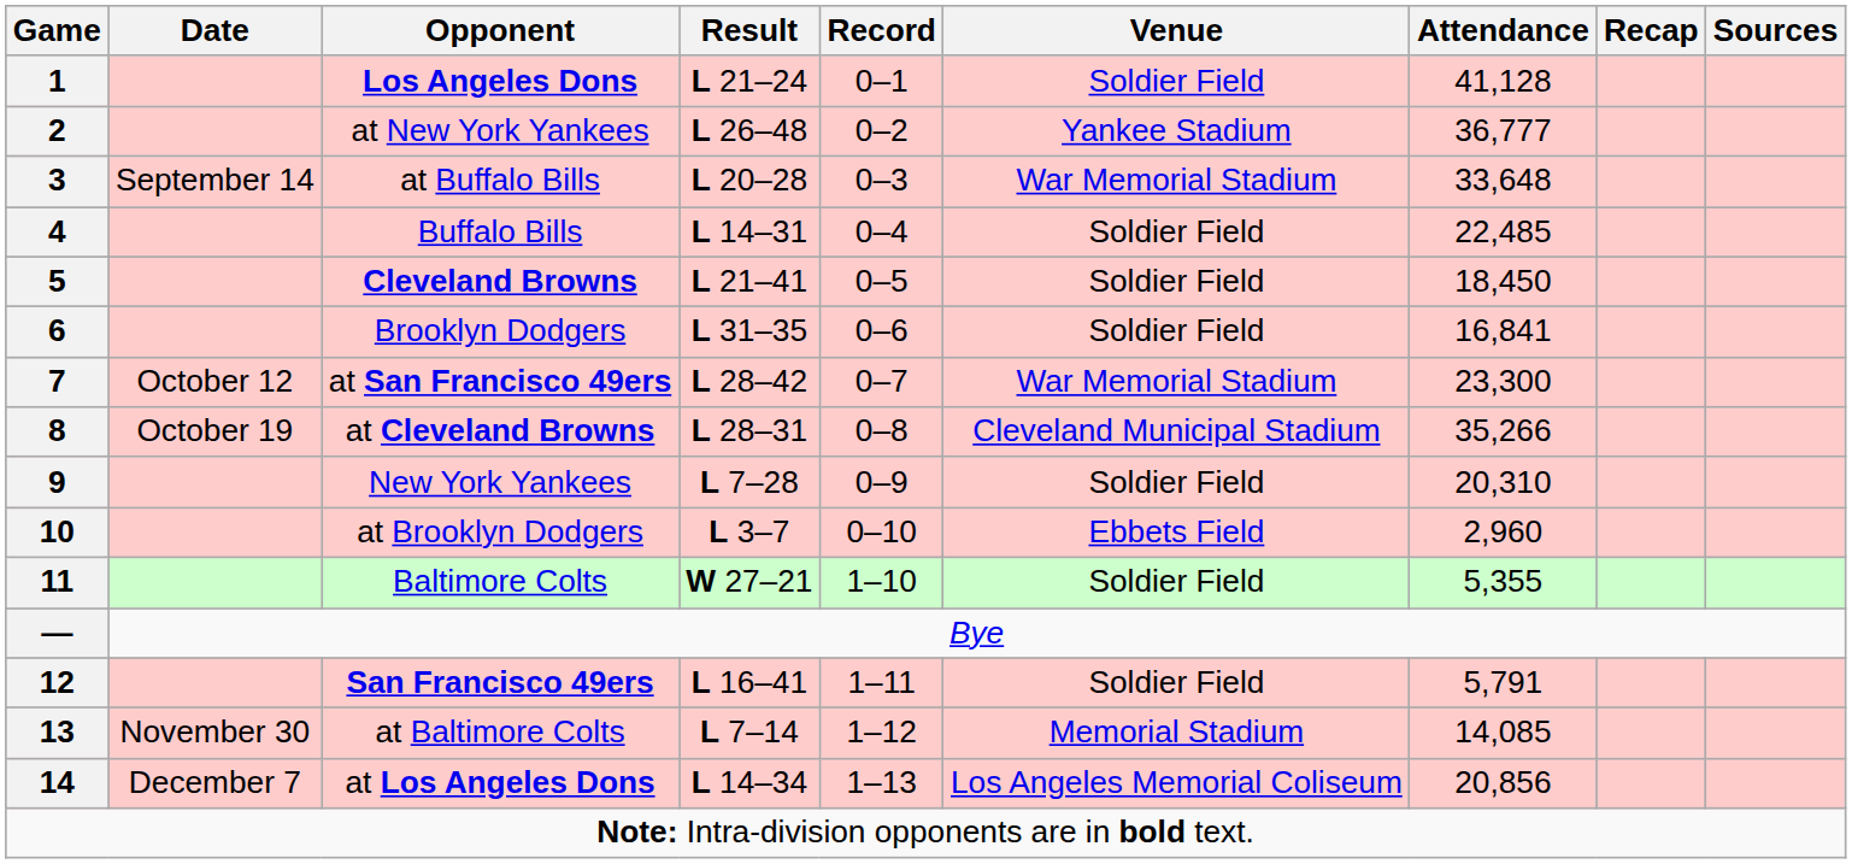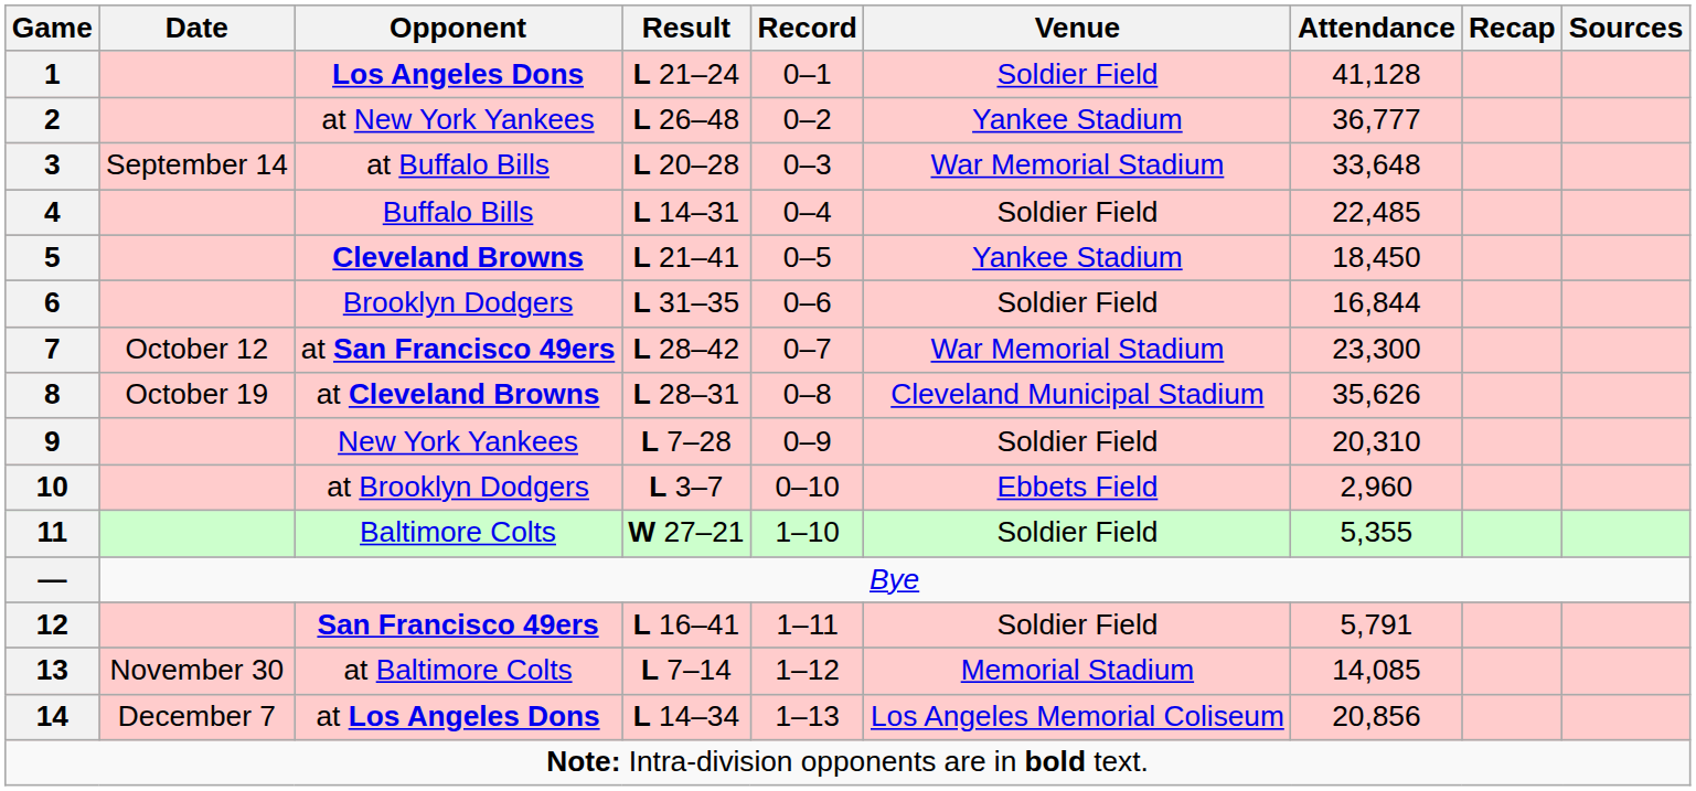 <table class="wikitable" style="text-align:center">
 <tr>
 <th>Game</th>
 <th>Date</th>
 <th>Opponent</th>
 <th>Result</th>
 <th>Record</th>
 <th>Venue</th>
 <th>Attendance</th>
 <th>Recap</th>
 <th>Sources</th>
 </tr>
 <tr style="background:#fcc">
 <th>1</th>
 <td></td>
 <td><strong><a href='#'>Los Angeles Dons</a></strong></td>
 <td><strong>L</strong> 21–24</td>
 <td>0–1</td>
 <td><a href='#'>Soldier Field</a></td>
 <td>41,128</td>
 <td></td>
 <td></td>
 </tr>
 <tr style="background:#fcc">
 <th>2</th>
 <td></td>
 <td>at <a href='#'>New York Yankees</a></td>
 <td><strong>L</strong> 26–48</td>
 <td>0–2</td>
 <td><a href='#'>Yankee Stadium</a></td>
 <td>36,777</td>
 <td></td>
 <td></td>
 </tr>
 <tr style="background:#fcc">
 <th>3</th>
 <td>September 14</td>
 <td>at <a href='#'>Buffalo Bills</a></td>
 <td><strong>L</strong> 20–28</td>
 <td>0–3</td>
 <td><a href='#'>War Memorial Stadium</a></td>
 <td>33,648</td>
 <td></td>
 <td></td>
 </tr>
 <tr style="background:#fcc">
 <th>4</th>
 <td></td>
 <td><a href='#'>Buffalo Bills</a></td>
 <td><strong>L</strong> 14–31</td>
 <td>0–4</td>
 <td>Soldier Field</td>
 <td>22,485</td>
 <td></td>
 <td></td>
 </tr>
 <tr style="background:#fcc">
 <th>5</th>
 <td></td>
 <td><strong><a href='#'>Cleveland Browns</a></strong></td>
 <td><strong>L</strong> 21–41</td>
 <td>0–5</td>
-<td>Soldier Field</td>
+<td><a href='#'>Yankee Stadium</a></td>
 <td>18,450</td>
 <td></td>
 <td></td>
 </tr>
 <tr style="background:#fcc">
 <th>6</th>
 <td></td>
 <td><a href='#'>Brooklyn Dodgers</a></td>
 <td><strong>L</strong> 31–35</td>
 <td>0–6</td>
 <td>Soldier Field</td>
-<td>16,841</td>
+<td>16,844</td>
 <td></td>
 <td></td>
 </tr>
 <tr style="background:#fcc">
 <th>7</th>
 <td>October 12</td>
 <td>at <strong><a href='#'>San Francisco 49ers</a></strong></td>
 <td><strong>L</strong> 28–42</td>
 <td>0–7</td>
 <td><a href='#'>War Memorial Stadium</a></td>
 <td>23,300</td>
 <td></td>
 <td></td>
 </tr>
 <tr style="background:#fcc">
 <th>8</th>
 <td>October 19</td>
 <td>at <strong><a href='#'>Cleveland Browns</a></strong></td>
 <td><strong>L</strong> 28–31</td>
 <td>0–8</td>
 <td><a href='#'>Cleveland Municipal Stadium</a></td>
-<td>35,266</td>
+<td>35,626</td>
 <td></td>
 <td></td>
 </tr>
 <tr style="background:#fcc">
 <th>9</th>
 <td></td>
 <td><a href='#'>New York Yankees</a></td>
 <td><strong>L</strong> 7–28</td>
 <td>0–9</td>
 <td>Soldier Field</td>
 <td>20,310</td>
 <td></td>
 <td></td>
 </tr>
 <tr style="background:#fcc">
 <th>10</th>
 <td></td>
 <td>at <a href='#'>Brooklyn Dodgers</a></td>
 <td><strong>L</strong> 3–7</td>
 <td>0–10</td>
 <td><a href='#'>Ebbets Field</a></td>
 <td>2,960 </td>
 <td></td>
 <td></td>
 </tr>
 <tr style="background:#cfc">
 <th>11</th>
 <td></td>
 <td><a href='#'>Baltimore Colts</a></td>
 <td><strong>W</strong> 27–21</td>
 <td>1–10</td>
 <td>Soldier Field</td>
 <td>5,355</td>
 <td></td>
 <td></td>
 </tr>
 <tr>
 <th>—</th>
 <td colspan="8"><em><a href='#'>Bye</a></em></td>
 </tr>
 <tr style="background:#fcc">
 <th>12</th>
 <td></td>
 <td><strong><a href='#'>San Francisco 49ers</a></strong></td>
 <td><strong>L</strong> 16–41</td>
 <td>1–11</td>
 <td>Soldier Field</td>
 <td>5,791</td>
 <td></td>
 <td></td>
 </tr>
 <tr style="background:#fcc">
 <th>13</th>
 <td>November 30</td>
 <td>at <a href='#'>Baltimore Colts</a></td>
 <td><strong>L</strong> 7–14</td>
 <td>1–12</td>
 <td><a href='#'>Memorial Stadium</a></td>
 <td>14,085</td>
 <td></td>
 <td></td>
 </tr>
 <tr style="background:#fcc">
 <th>14</th>
 <td>December 7</td>
 <td>at <strong><a href='#'>Los Angeles Dons</a></strong></td>
 <td><strong>L</strong> 14–34</td>
 <td>1–13</td>
 <td><a href='#'>Los Angeles Memorial Coliseum</a></td>
 <td>20,856</td>
 <td></td>
 <td></td>
 </tr>
 <tr>
 <td colspan="10"><strong>Note:</strong> Intra-division opponents are in <strong>bold</strong> text.</td>
 </tr>
 </table>
